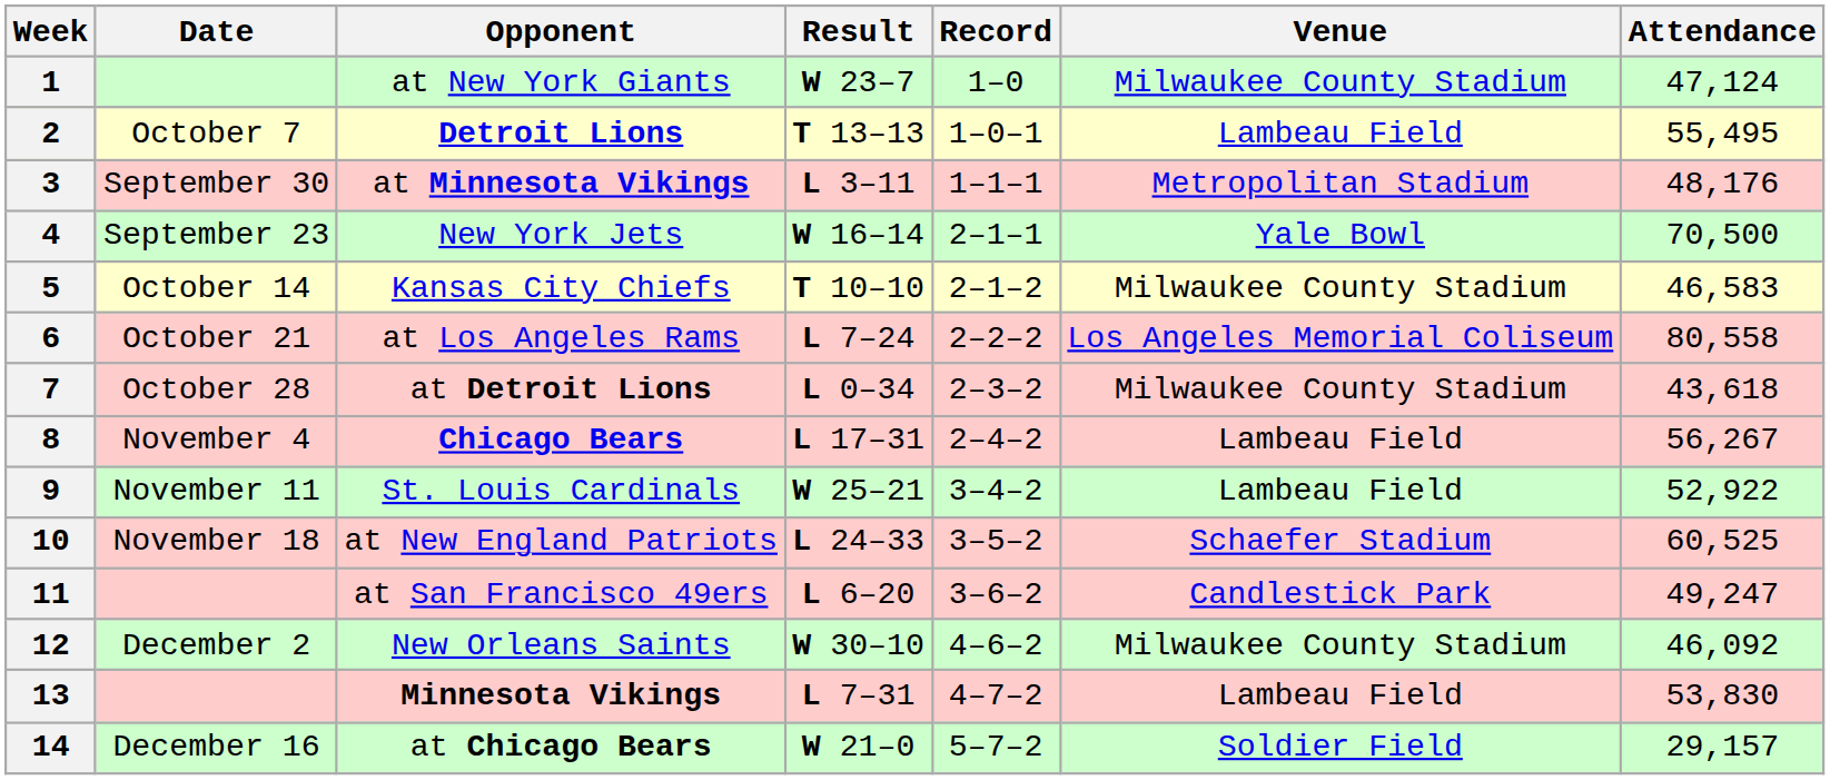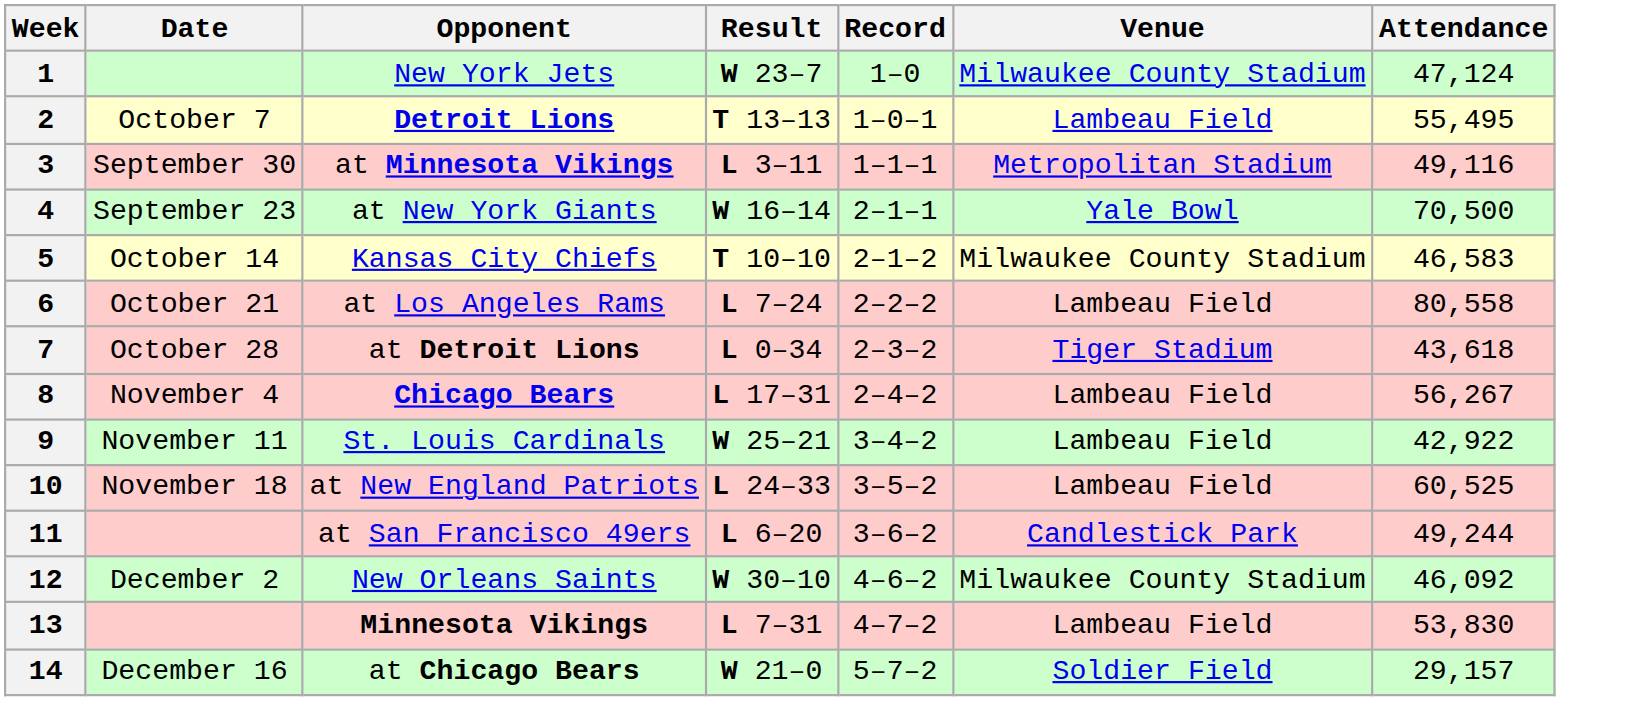 <table class="wikitable" style="text-align:center">
 <tr>
 <th>Week</th>
 <th>Date</th>
 <th>Opponent</th>
 <th>Result</th>
 <th>Record</th>
 <th>Venue</th>
 <th>Attendance</th>
 </tr>
 <tr style="background:#cfc">
 <th>1</th>
 <td></td>
-<td>at <a href='#'>New York Giants</a></td>
+<td><a href='#'>New York Jets</a></td>
 <td><strong>W</strong> 23–7</td>
 <td>1–0</td>
 <td><a href='#'>Milwaukee County Stadium</a></td>
 <td>47,124</td>
 </tr>
 <tr style="background:#ffc">
 <th>2</th>
 <td>October 7</td>
 <td><strong><a href='#'>Detroit Lions</a></strong></td>
 <td><strong>T</strong> 13–13</td>
 <td>1–0–1</td>
 <td><a href='#'>Lambeau Field</a></td>
 <td>55,495</td>
 </tr>
 <tr style="background:#fcc">
 <th>3</th>
 <td>September 30</td>
 <td>at <strong><a href='#'>Minnesota Vikings</a></strong></td>
 <td><strong>L</strong> 3–11</td>
 <td>1–1–1</td>
 <td><a href='#'>Metropolitan Stadium</a></td>
-<td>48,176</td>
+<td>49,116</td>
 </tr>
 <tr style="background:#cfc">
 <th>4</th>
 <td>September 23</td>
-<td><a href='#'>New York Jets</a></td>
+<td>at <a href='#'>New York Giants</a></td>
 <td><strong>W</strong> 16–14</td>
 <td>2–1–1</td>
 <td><a href='#'>Yale Bowl</a></td>
 <td>70,500</td>
 </tr>
 <tr style="background:#ffc">
 <th>5</th>
 <td>October 14</td>
 <td><a href='#'>Kansas City Chiefs</a></td>
 <td><strong>T</strong> 10–10</td>
 <td>2–1–2</td>
 <td>Milwaukee County Stadium</td>
 <td>46,583</td>
 </tr>
 <tr style="background:#fcc">
 <th>6</th>
 <td>October 21</td>
 <td>at <a href='#'>Los Angeles Rams</a></td>
 <td><strong>L</strong> 7–24</td>
 <td>2–2–2</td>
-<td><a href='#'>Los Angeles Memorial Coliseum</a></td>
+<td>Lambeau Field</td>
 <td>80,558</td>
 </tr>
 <tr style="background:#fcc">
 <th>7</th>
 <td>October 28</td>
 <td>at <strong>Detroit Lions</strong></td>
 <td><strong>L</strong> 0–34</td>
 <td>2–3–2</td>
-<td>Milwaukee County Stadium</td>
+<td><a href='#'>Tiger Stadium</a></td>
 <td>43,618</td>
 </tr>
 <tr style="background:#fcc">
 <th>8</th>
 <td>November 4</td>
 <td><strong><a href='#'>Chicago Bears</a></strong></td>
 <td><strong>L</strong> 17–31</td>
 <td>2–4–2</td>
 <td>Lambeau Field</td>
 <td>56,267</td>
 </tr>
 <tr style="background:#cfc">
 <th>9</th>
 <td>November 11</td>
 <td><a href='#'>St. Louis Cardinals</a></td>
 <td><strong>W</strong> 25–21</td>
 <td>3–4–2</td>
 <td>Lambeau Field</td>
-<td>52,922</td>
+<td>42,922</td>
 </tr>
 <tr style="background:#fcc">
 <th>10</th>
 <td>November 18</td>
 <td>at <a href='#'>New England Patriots</a></td>
 <td><strong>L</strong> 24–33</td>
 <td>3–5–2</td>
-<td><a href='#'>Schaefer Stadium</a></td>
+<td>Lambeau Field</td>
 <td>60,525</td>
 </tr>
 <tr style="background:#fcc">
 <th>11</th>
 <td></td>
 <td>at <a href='#'>San Francisco 49ers</a></td>
 <td><strong>L</strong> 6–20</td>
 <td>3–6–2</td>
 <td><a href='#'>Candlestick Park</a></td>
-<td>49,247</td>
+<td>49,244</td>
 </tr>
 <tr style="background:#cfc">
 <th>12</th>
 <td>December 2</td>
 <td><a href='#'>New Orleans Saints</a></td>
 <td><strong>W</strong> 30–10</td>
 <td>4–6–2</td>
 <td>Milwaukee County Stadium</td>
 <td>46,092</td>
 </tr>
 <tr style="background:#fcc">
 <th>13</th>
 <td></td>
 <td><strong>Minnesota Vikings</strong></td>
 <td><strong>L</strong> 7–31</td>
 <td>4–7–2</td>
 <td>Lambeau Field</td>
 <td>53,830</td>
 </tr>
 <tr style="background:#cfc">
 <th>14</th>
 <td>December 16</td>
 <td>at <strong>Chicago Bears</strong></td>
 <td><strong>W</strong> 21–0</td>
 <td>5–7–2</td>
 <td><a href='#'>Soldier Field</a></td>
 <td>29,157</td>
 </tr>
 </table>
